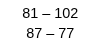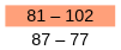 <table style="text-align:center;">
 <tr>
 <th width=200></th>
 <th width=100></th>
 <th width=200></th>
 <th></th>
 </tr>
 <tr>
 <td align=right></td>
-<td>81 – 102</td>
+<td style="background: lightsalmon;">81 – 102</td>
 <td align=left><strong></strong></td>
 </tr>
 <tr>
 <td align=right><strong></strong></td>
 <td>87 – 77</td>
 <td align=left></td>
 </tr>
 </table>
